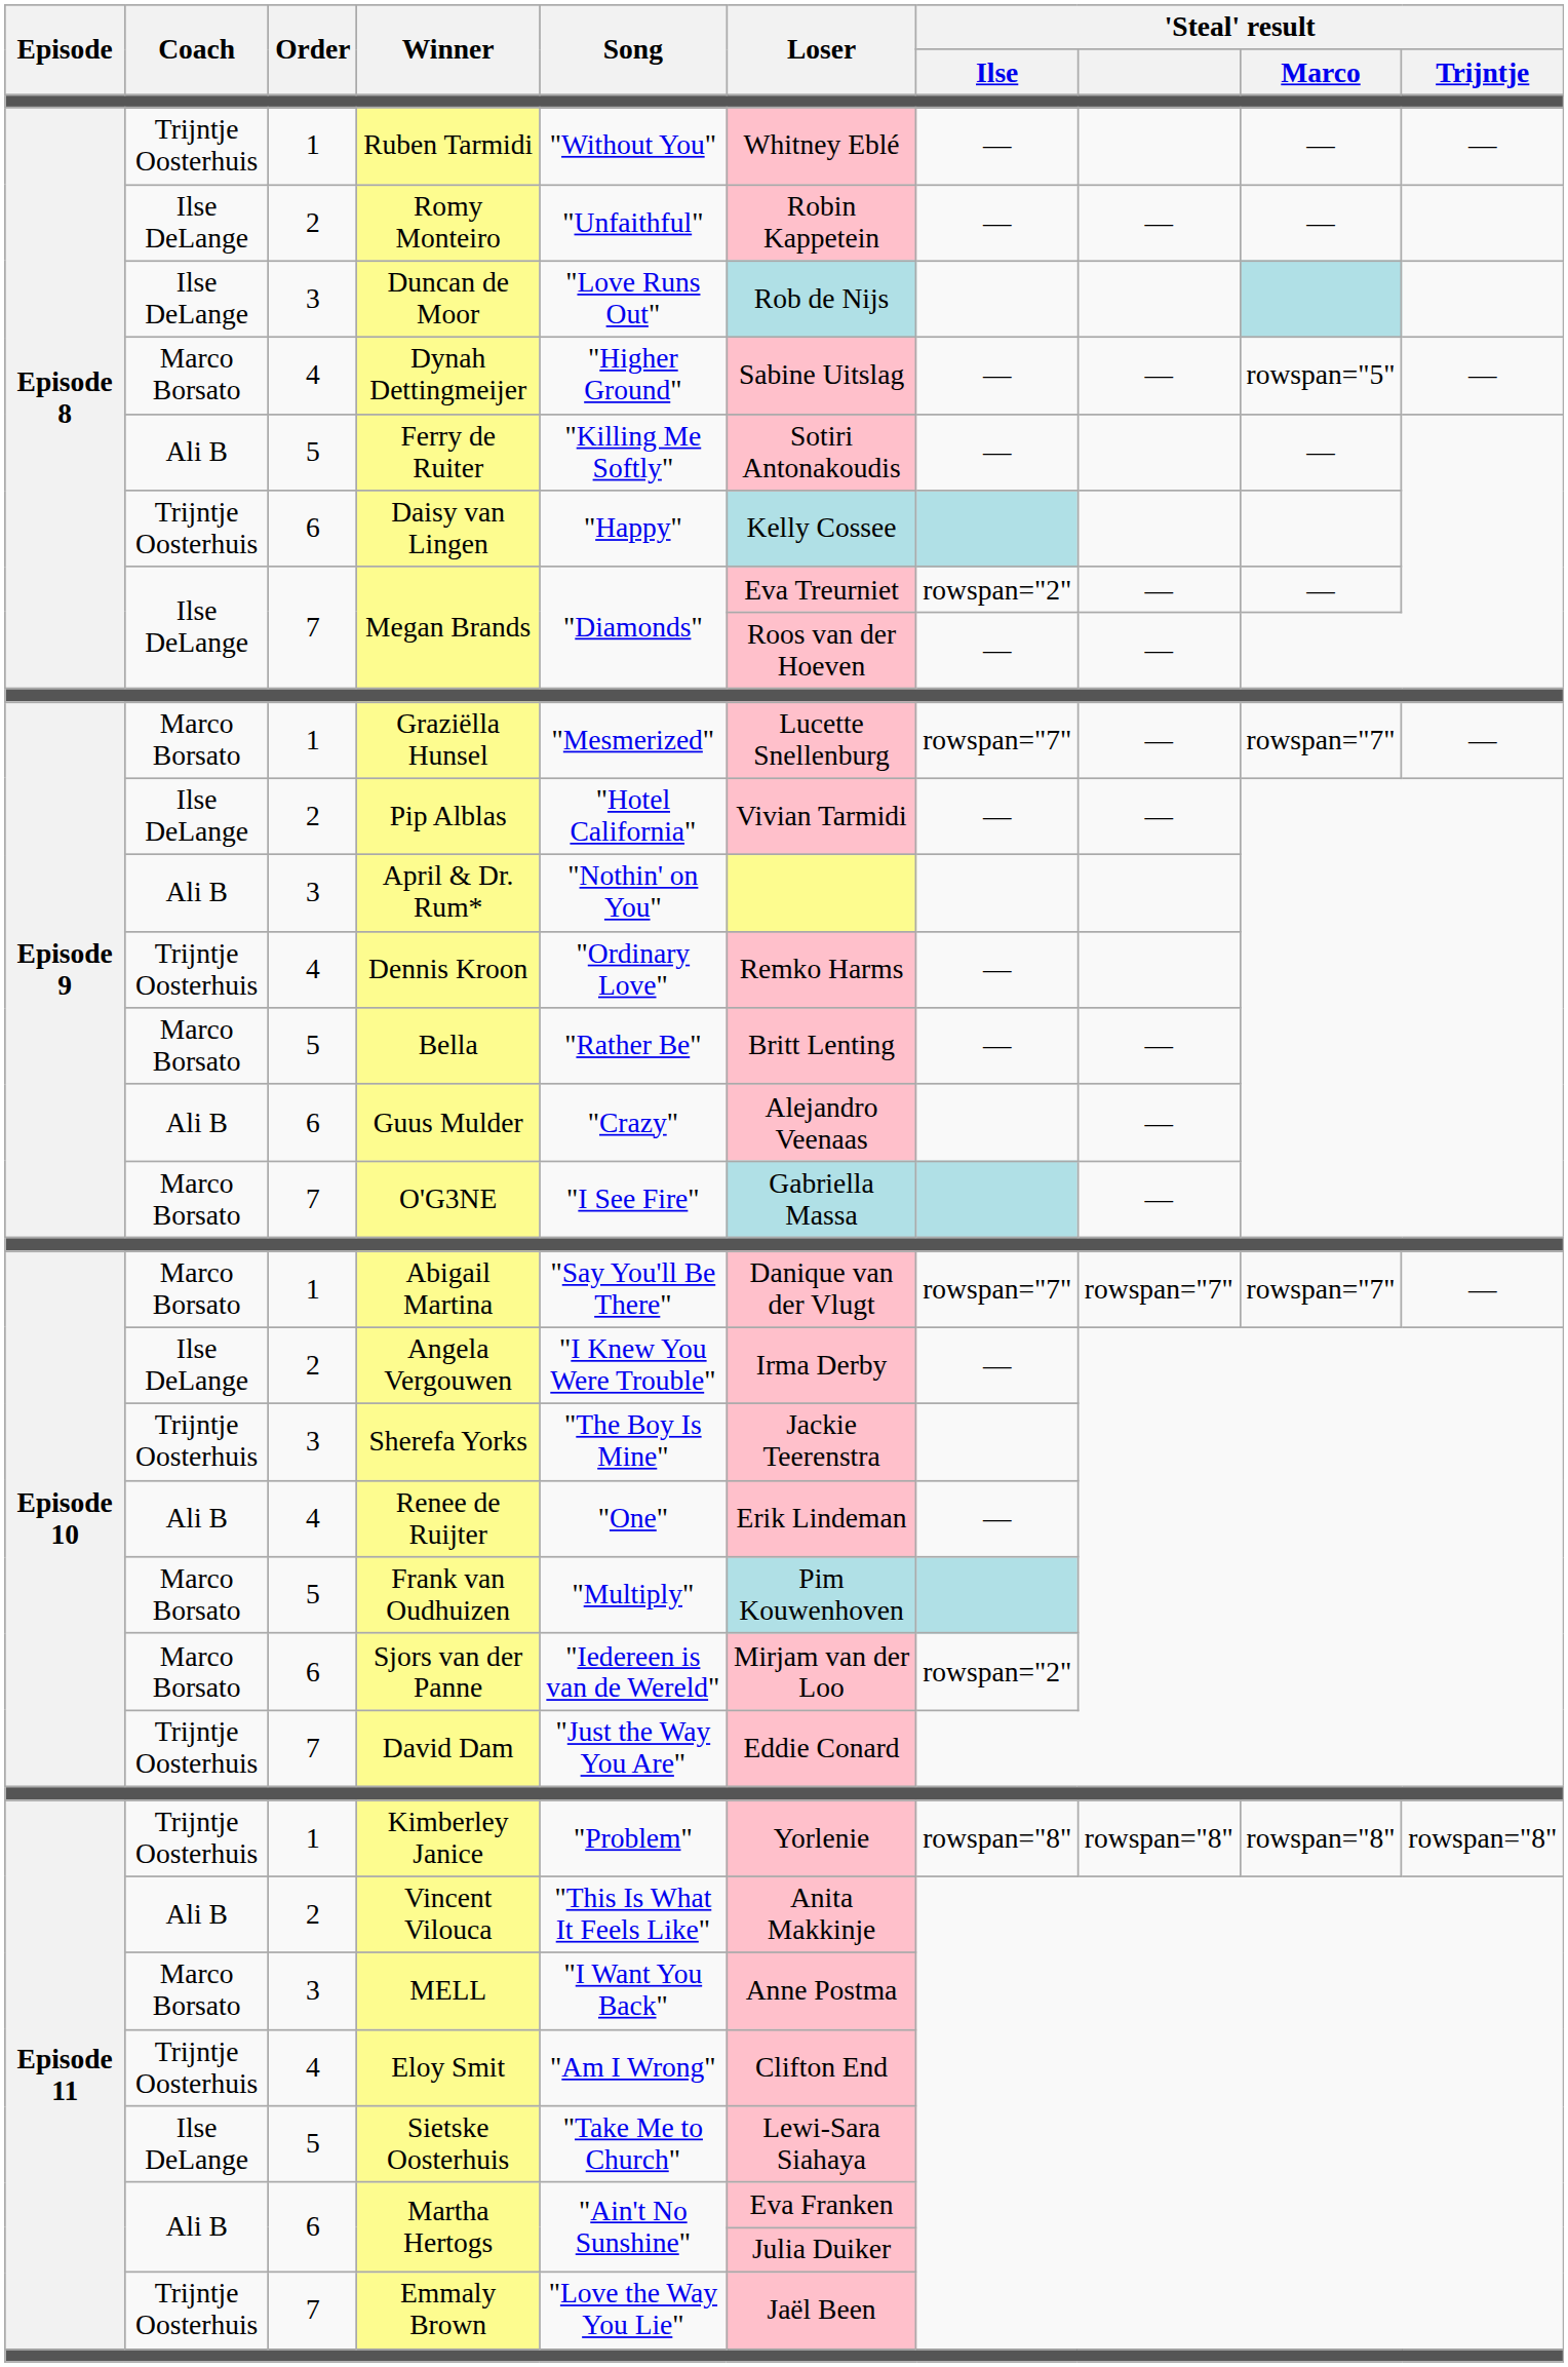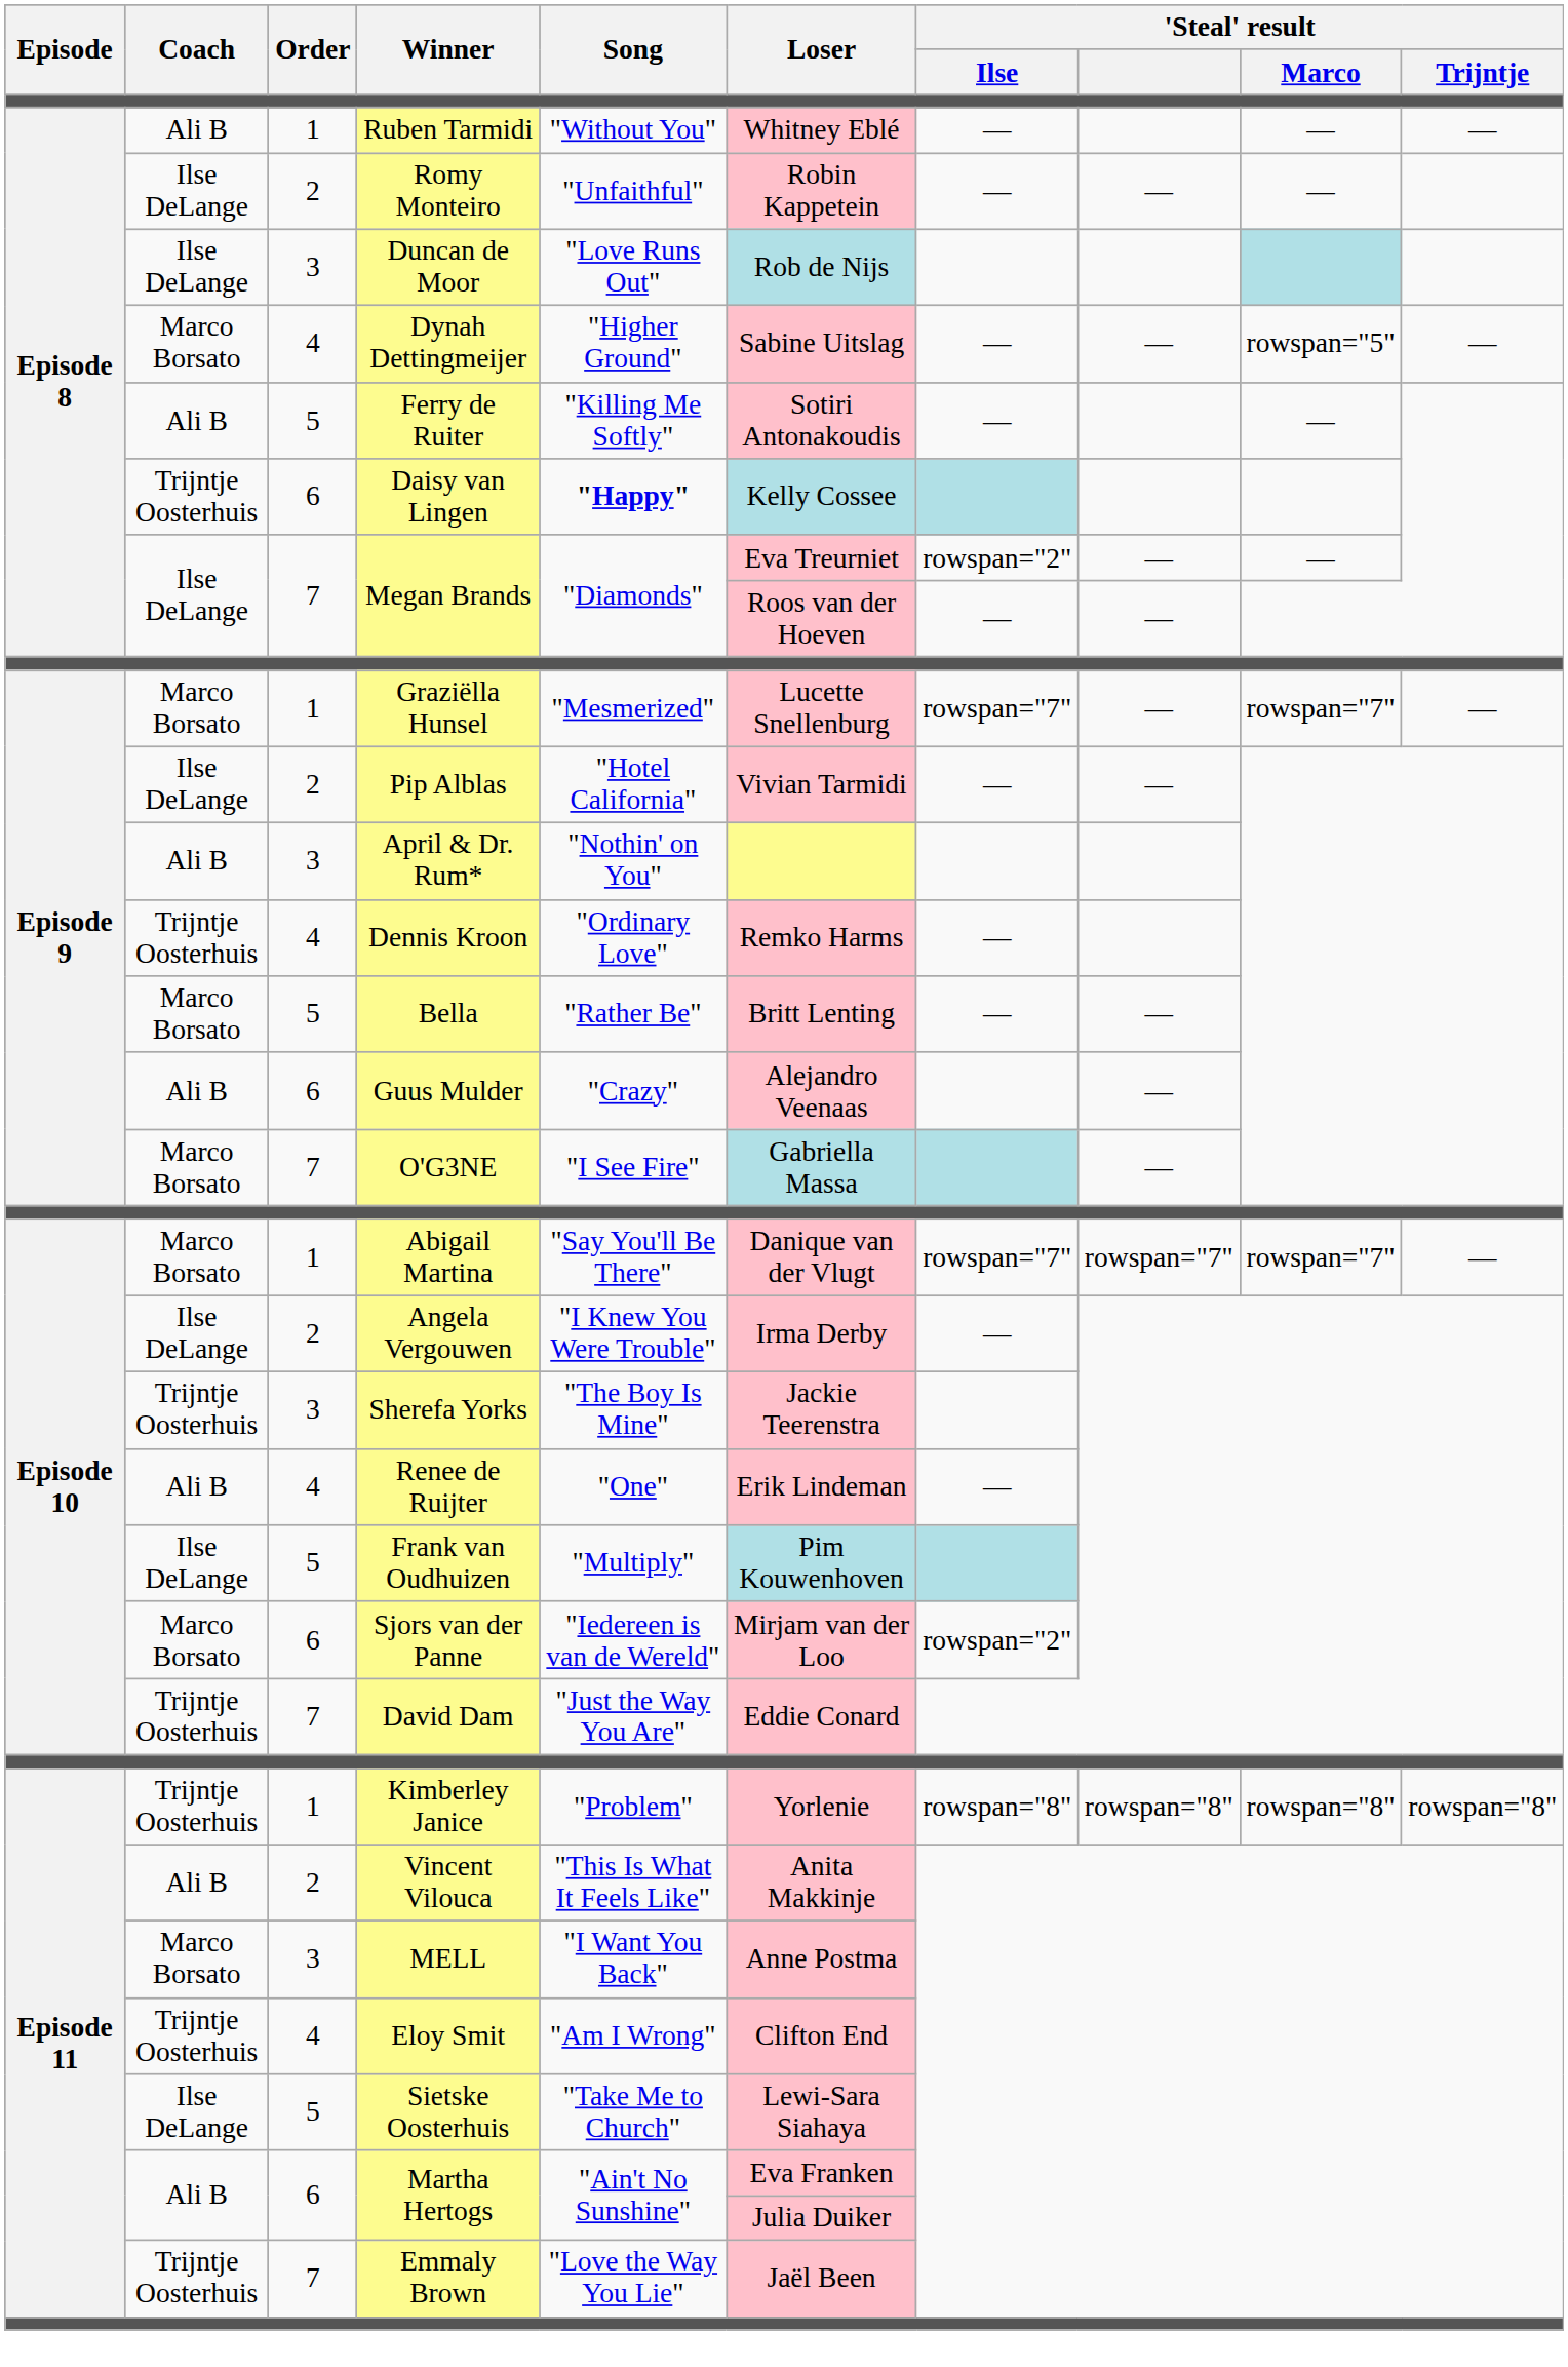 <table class="wikitable" style="text-align: center; width:100%;">
 <tr>
 <th rowspan="2" style="width:15%;">Episode</th>
 <th rowspan="2" style="width:15%;">Coach</th>
 <th rowspan="2" style="width:05%;">Order</th>
 <th rowspan="2" style="width:20%;">Winner</th>
 <th rowspan="2" style="width:20%;">Song</th>
 <th rowspan="2" style="width:20%;">Loser</th>
 <th colspan="4" style="width:20%;">'Steal' result</th>
 </tr>
 <tr>
 <th style="width:5%;"><a href='#'>Ilse</a></th>
 <th style="width:5%;"></th>
 <th style="width:5%;"><a href='#'>Marco</a></th>
 <th style="width:5%;"><a href='#'>Trijntje</a></th>
 </tr>
 <tr>
 <td colspan="10" style="background:#555;"></td>
 </tr>
 <tr>
 <th rowspan="8">Episode 8</th>
-<td>Trijntje Oosterhuis</td>
+<td>Ali B</td>
 <td>1</td>
 <td style="background:#fdfc8f">Ruben Tarmidi</td>
 <td>"<a href='#'>Without You</a>"</td>
 <td style="background:pink;">Whitney Eblé</td>
 <td>—</td>
 <td></td>
 <td>—</td>
 <td>—</td>
 </tr>
 <tr>
 <td>Ilse DeLange</td>
 <td>2</td>
 <td style="background:#fdfc8f">Romy Monteiro</td>
 <td>"<a href='#'>Unfaithful</a>"</td>
 <td style="background:pink;">Robin Kappetein</td>
 <td>—</td>
 <td>—</td>
 <td>—</td>
 <td></td>
 </tr>
 <tr>
 <td>Ilse DeLange</td>
 <td>3</td>
 <td style="background:#fdfc8f">Duncan de Moor</td>
 <td>"<a href='#'>Love Runs Out</a>"</td>
 <td style="background:#B0E0E6;">Rob de Nijs</td>
 <td></td>
 <td><strong></strong></td>
 <td style="background:#B0E0E6;"><strong></strong></td>
 <td><strong></strong></td>
 </tr>
 <tr>
 <td>Marco Borsato</td>
 <td>4</td>
 <td style="background:#fdfc8f">Dynah Dettingmeijer</td>
 <td>"<a href='#'>Higher Ground</a>"</td>
 <td style="background:pink;">Sabine Uitslag</td>
 <td>—</td>
 <td>—</td>
 <td>rowspan="5" </td>
 <td>—</td>
 </tr>
 <tr>
 <td>Ali B</td>
 <td>5</td>
 <td style="background:#fdfc8f">Ferry de Ruiter</td>
 <td>"<a href='#'>Killing Me Softly</a>"</td>
 <td style="background:pink;">Sotiri Antonakoudis</td>
 <td>—</td>
 <td></td>
 <td>—</td>
 </tr>
 <tr>
 <td>Trijntje Oosterhuis</td>
 <td>6</td>
 <td style="background:#fdfc8f">Daisy van Lingen</td>
-<td>"<a href='#'>Happy</a>"</td>
+<td><strong>"<a href='#'>Happy</a>"</strong></td>
 <td style="background:#B0E0E6;">Kelly Cossee</td>
 <td style="background:#B0E0E6;"><strong></strong></td>
 <td><strong></strong></td>
 <td></td>
 </tr>
 <tr>
 <td rowspan="2">Ilse DeLange</td>
 <td rowspan="2">7</td>
 <td rowspan="2" style="background:#fdfc8f">Megan Brands</td>
 <td rowspan="2">"<a href='#'>Diamonds</a>"</td>
 <td style="background:pink;">Eva Treurniet</td>
 <td>rowspan="2" </td>
 <td>—</td>
 <td>—</td>
 </tr>
 <tr>
 <td style="background:pink;">Roos van der Hoeven</td>
 <td>—</td>
 <td>—</td>
 </tr>
 <tr>
 <td colspan="10" style="background:#555555;"></td>
 </tr>
 <tr>
 <th rowspan="7">Episode 9</th>
 <td>Marco Borsato</td>
 <td>1</td>
 <td style="background:#fdfc8f">Graziëlla Hunsel</td>
 <td>"<a href='#'>Mesmerized</a>"</td>
 <td style="background:pink;">Lucette Snellenburg</td>
 <td>rowspan="7" </td>
 <td>—</td>
 <td>rowspan="7" </td>
 <td>—</td>
 </tr>
 <tr>
 <td>Ilse DeLange</td>
 <td>2</td>
 <td style="background:#fdfc8f">Pip Alblas</td>
 <td>"<a href='#'>Hotel California</a>"</td>
 <td style="background:pink;">Vivian Tarmidi</td>
 <td>—</td>
 <td>—</td>
 </tr>
 <tr>
 <td>Ali B</td>
 <td>3</td>
 <td style="background:#fdfc8f">April & Dr. Rum*</td>
 <td>"<a href='#'>Nothin' on You</a>"</td>
 <td bgcolor="#fdfc8f"></td>
 <td></td>
 <td></td>
 </tr>
 <tr>
 <td>Trijntje Oosterhuis</td>
 <td>4</td>
 <td style="background:#fdfc8f">Dennis Kroon</td>
 <td>"<a href='#'>Ordinary Love</a>"</td>
 <td style="background:pink;">Remko Harms</td>
 <td>—</td>
 <td></td>
 </tr>
 <tr>
 <td>Marco Borsato</td>
 <td>5</td>
 <td style="background:#fdfc8f">Bella</td>
 <td>"<a href='#'>Rather Be</a>"</td>
 <td style="background:pink;">Britt Lenting</td>
 <td>—</td>
 <td>—</td>
 </tr>
 <tr>
 <td>Ali B</td>
 <td>6</td>
 <td style="background:#fdfc8f">Guus Mulder</td>
 <td>"<a href='#'>Crazy</a>"</td>
 <td style="background:pink;">Alejandro Veenaas</td>
 <td></td>
 <td>—</td>
 </tr>
 <tr>
 <td>Marco Borsato</td>
 <td>7</td>
 <td style="background:#fdfc8f">O'G3NE</td>
 <td>"<a href='#'>I See Fire</a>"</td>
 <td style="background:#B0E0E6;">Gabriella Massa</td>
 <td style="background:#B0E0E6;"><strong></strong></td>
 <td>—</td>
 </tr>
 <tr>
 <td colspan="10" style="background:#555555;"></td>
 </tr>
 <tr>
 <th rowspan="7">Episode 10</th>
 <td>Marco Borsato</td>
 <td>1</td>
 <td style="background:#fdfc8f">Abigail Martina</td>
 <td>"<a href='#'>Say You'll Be There</a>"</td>
 <td style="background:pink;">Danique van der Vlugt</td>
 <td>rowspan="7" </td>
 <td>rowspan="7" </td>
 <td>rowspan="7" </td>
 <td>—</td>
 </tr>
 <tr>
 <td>Ilse DeLange</td>
 <td>2</td>
 <td style="background:#fdfc8f">Angela Vergouwen</td>
 <td>"<a href='#'>I Knew You Were Trouble</a>"</td>
 <td style="background:pink;">Irma Derby</td>
 <td>—</td>
 </tr>
 <tr>
 <td>Trijntje Oosterhuis</td>
 <td>3</td>
 <td style="background:#fdfc8f">Sherefa Yorks</td>
 <td>"<a href='#'>The Boy Is Mine</a>"</td>
 <td style="background:pink;">Jackie Teerenstra</td>
 <td></td>
 </tr>
 <tr>
 <td>Ali B</td>
 <td>4</td>
 <td style="background:#fdfc8f">Renee de Ruijter</td>
 <td>"<a href='#'>One</a>"</td>
 <td style="background:pink;">Erik Lindeman</td>
 <td>—</td>
 </tr>
 <tr>
-<td>Marco Borsato</td>
+<td>Ilse DeLange</td>
 <td>5</td>
 <td style="background:#fdfc8f">Frank van Oudhuizen</td>
 <td>"<a href='#'>Multiply</a>"</td>
 <td style="background:#B0E0E6;">Pim Kouwenhoven</td>
 <td style="background:#B0E0E6;"><strong></strong></td>
 </tr>
 <tr>
 <td>Marco Borsato</td>
 <td>6</td>
 <td style="background:#fdfc8f">Sjors van der Panne</td>
 <td>"<a href='#'>Iedereen is van de Wereld</a>"</td>
 <td style="background:pink;">Mirjam van der Loo</td>
 <td>rowspan="2" </td>
 </tr>
 <tr>
 <td>Trijntje Oosterhuis</td>
 <td>7</td>
 <td style="background:#fdfc8f">David Dam</td>
 <td>"<a href='#'>Just the Way You Are</a>"</td>
 <td style="background:pink;">Eddie Conard</td>
 </tr>
 <tr>
 <td colspan="10" style="background:#555555;"></td>
 </tr>
 <tr>
 <th rowspan="8">Episode 11</th>
 <td>Trijntje Oosterhuis</td>
 <td>1</td>
 <td style="background:#fdfc8f">Kimberley Janice</td>
 <td>"<a href='#'>Problem</a>"</td>
 <td style="background:pink;">Yorlenie</td>
 <td>rowspan="8" </td>
 <td>rowspan="8" </td>
 <td>rowspan="8" </td>
 <td>rowspan="8" </td>
 </tr>
 <tr>
 <td>Ali B</td>
 <td>2</td>
 <td style="background:#fdfc8f">Vincent Vilouca</td>
 <td>"<a href='#'>This Is What It Feels Like</a>"</td>
 <td style="background:pink;">Anita Makkinje</td>
 </tr>
 <tr>
 <td>Marco Borsato</td>
 <td>3</td>
 <td style="background:#fdfc8f">MELL</td>
 <td>"<a href='#'>I Want You Back</a>"</td>
 <td style="background:pink;">Anne Postma</td>
 </tr>
 <tr>
 <td>Trijntje Oosterhuis</td>
 <td>4</td>
 <td style="background:#fdfc8f">Eloy Smit</td>
 <td>"<a href='#'>Am I Wrong</a>"</td>
 <td style="background:pink;">Clifton End</td>
 </tr>
 <tr>
 <td>Ilse DeLange</td>
 <td>5</td>
 <td style="background:#fdfc8f">Sietske Oosterhuis</td>
 <td>"<a href='#'>Take Me to Church</a>"</td>
 <td style="background:pink;">Lewi-Sara Siahaya</td>
 </tr>
 <tr>
 <td rowspan="2">Ali B</td>
 <td rowspan="2">6</td>
 <td rowspan="2" style="background:#fdfc8f">Martha Hertogs</td>
 <td rowspan="2">"<a href='#'>Ain't No Sunshine</a>"</td>
 <td style="background:pink">Eva Franken</td>
 </tr>
 <tr>
 <td style="background:pink;">Julia Duiker</td>
 </tr>
 <tr>
 <td>Trijntje Oosterhuis</td>
 <td>7</td>
 <td style="background:#fdfc8f">Emmaly Brown</td>
 <td>"<a href='#'>Love the Way You Lie</a>"</td>
 <td style="background:pink;">Jaël Been</td>
 </tr>
 <tr>
 <td colspan="10" style="background:#555555;"></td>
 </tr>
 </table>
